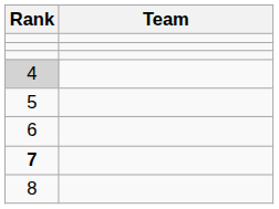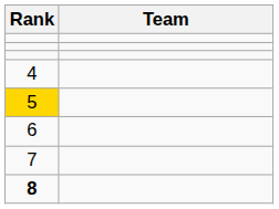 <table class="wikitable">
 <tr>
 <th width=40>Rank</th>
 <th width=180>Team</th>
 </tr>
 <tr>
 <td align=center></td>
 <td></td>
 </tr>
 <tr>
 <td align=center></td>
 <td></td>
 </tr>
 <tr>
 <td align=center></td>
 <td></td>
 </tr>
 <tr>
-<td align=center style="background: lightgrey;">4</td>
+<td align=center>4</td>
 <td></td>
 </tr>
 <tr>
-<td align=center>5</td>
+<td align=center style="background: gold;">5</td>
 <td></td>
 </tr>
 <tr>
 <td align=center>6</td>
 <td></td>
 </tr>
 <tr>
-<td align=center><strong>7</strong></td>
+<td align=center>7</td>
 <td></td>
 </tr>
 <tr>
-<td align=center>8</td>
+<td align=center><strong>8</strong></td>
 <td></td>
 </tr>
 </table>
